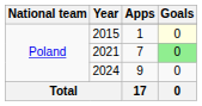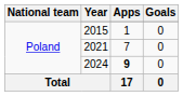 <table class="wikitable" style="text-align:center">
 <tr>
 <th>National team</th>
 <th>Year</th>
 <th>Apps</th>
 <th>Goals</th>
 </tr>
 <tr>
 <td rowspan="4"><a href='#'>Poland</a></td>
 </tr>
 <tr>
 <td>2015</td>
 <td>1</td>
-<td style="background: lightyellow;">0</td>
+<td>0</td>
 </tr>
 <tr>
 <td>2021</td>
 <td>7</td>
-<td style="background: lightgreen;">0</td>
+<td>0</td>
 </tr>
 <tr>
 <td>2024</td>
-<td>9</td>
+<td><strong>9</strong></td>
 <td>0</td>
 </tr>
 <tr>
 <th colspan="2">Total</th>
 <th>17</th>
 <th>0</th>
 </tr>
 </table>
